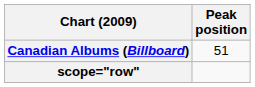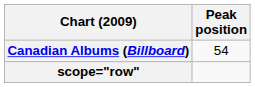 <table class="wikitable sortable plainrowheaders" style="text-align:center">
 <tr>
 <th scope="col">Chart (2009)</th>
 <th scope="col">Peak<br>position</th>
 </tr>
 <tr>
 <th scope="row"><a href='#'>Canadian Albums</a> (<a href='#'><em>Billboard</em></a>)</th>
-<td>51</td>
+<td>54</td>
 </tr>
 <tr>
 <th>scope="row" </th>
 </tr>
 </table>
